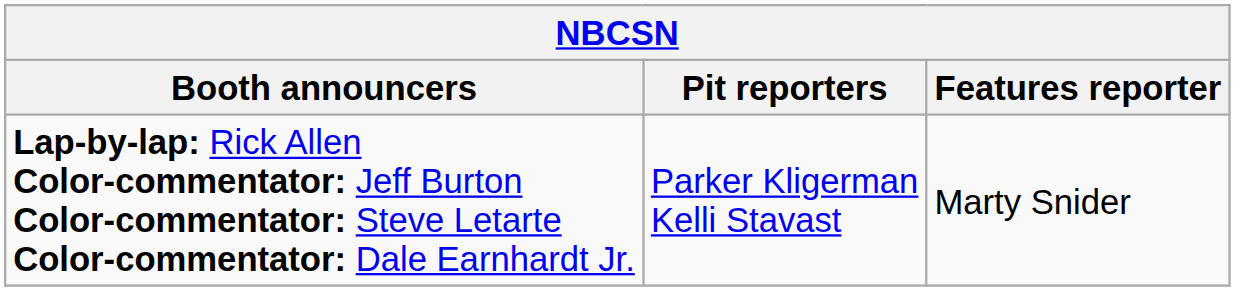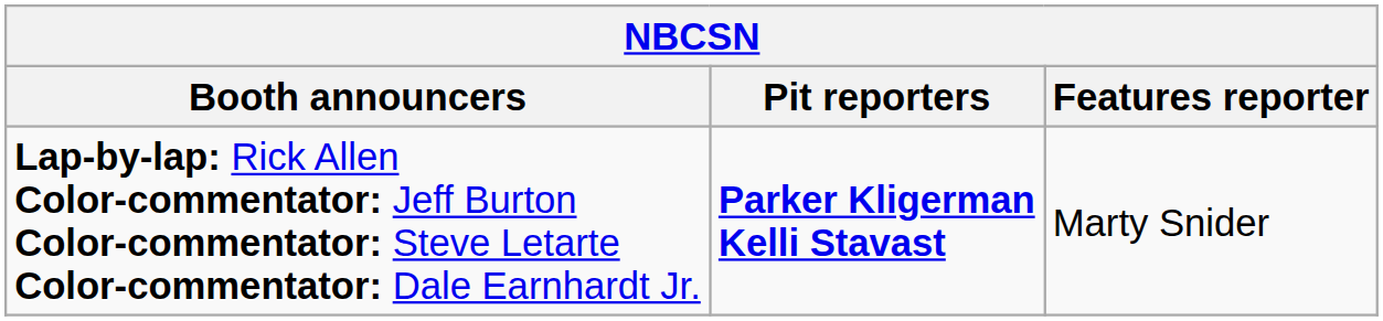 <table class="wikitable" style="font-size: 95%">
 <tr>
 <th colspan="3"><a href='#'>NBCSN</a></th>
 </tr>
 <tr>
 <th>Booth announcers</th>
 <th>Pit reporters</th>
 <th>Features reporter</th>
 </tr>
 <tr>
 <td><strong>Lap-by-lap:</strong> <a href='#'>Rick Allen</a><br><strong>Color-commentator:</strong> <a href='#'>Jeff Burton</a><br><strong>Color-commentator:</strong> <a href='#'>Steve Letarte</a><br><strong>Color-commentator:</strong> <a href='#'>Dale Earnhardt Jr.</a></td>
-<td><a href='#'>Parker Kligerman</a><br><a href='#'>Kelli Stavast</a></td>
+<td><strong><a href='#'>Parker Kligerman</a><br><a href='#'>Kelli Stavast</a></strong></td>
 <td>Marty Snider</td>
 </tr>
 </table>
